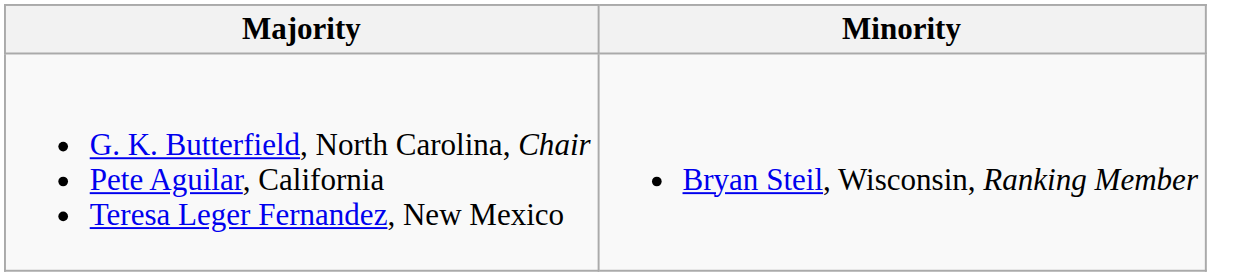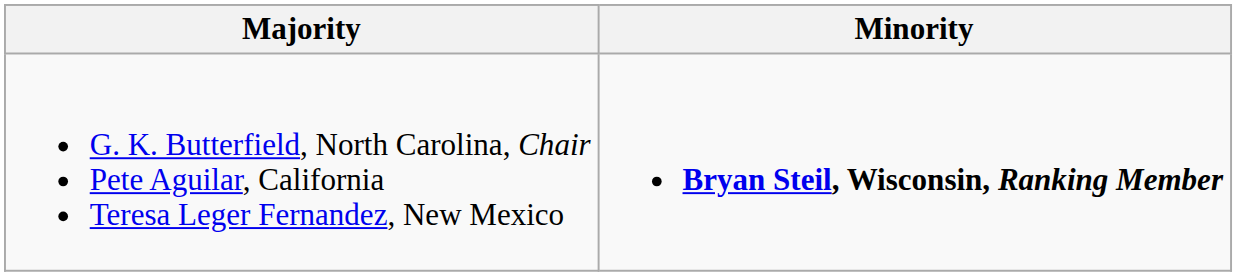 <table class=wikitable>
 <tr>
 <th>Majority</th>
 <th>Minority</th>
 </tr>
 <tr>
 <td><br><ul><li><a href='#'>G. K. Butterfield</a>, North Carolina, <em>Chair</em></li><li><a href='#'>Pete Aguilar</a>, California</li><li><a href='#'>Teresa Leger Fernandez</a>, New Mexico</li></ul></td>
-<td><br><ul><li><a href='#'>Bryan Steil</a>, Wisconsin, <em>Ranking Member</em></li></ul></td>
+<td><strong><br><ul><li><a href='#'>Bryan Steil</a>, Wisconsin, <em>Ranking Member</em></li></ul></strong></td>
 </tr>
 </table>
